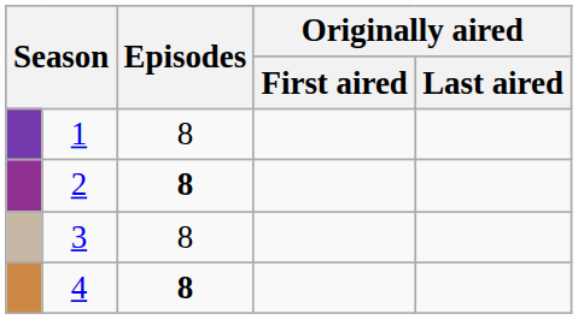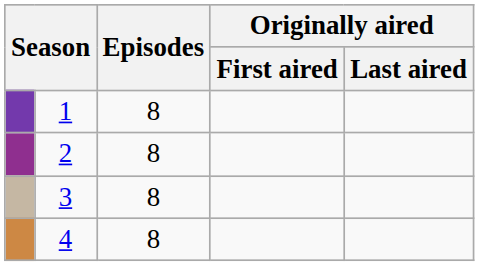 <table class="wikitable plainrowheaders" style="text-align:center;">
 <tr>
 <th scope="col" colspan="2" rowspan="2">Season</th>
 <th scope="col" rowspan="2">Episodes</th>
 <th scope="col" colspan="2">Originally aired</th>
 </tr>
 <tr>
 <th scope="col">First aired</th>
 <th scope="col">Last aired</th>
 </tr>
 <tr>
 <td scope="row" style="background:#7339ac; color:#100;"></td>
 <td><a href='#'>1</a></td>
 <td>8</td>
 <td></td>
 <td></td>
 </tr>
 <tr>
 <td scope="row" style="background:#8F2F8F; color:#100;"></td>
 <td><a href='#'>2</a></td>
-<td><strong>8</strong></td>
+<td>8</td>
 <td></td>
 <td></td>
 </tr>
 <tr>
 <td scope="row" style="background:#C5B7A3; color:#100;"></td>
 <td><a href='#'>3</a></td>
 <td>8</td>
 <td></td>
 <td></td>
 </tr>
 <tr>
 <td scope="row" style="background:#CD8844; color:#100;"></td>
 <td><a href='#'>4</a></td>
-<td><strong>8</strong></td>
+<td>8</td>
 <td></td>
 <td></td>
 </tr>
 </table>
